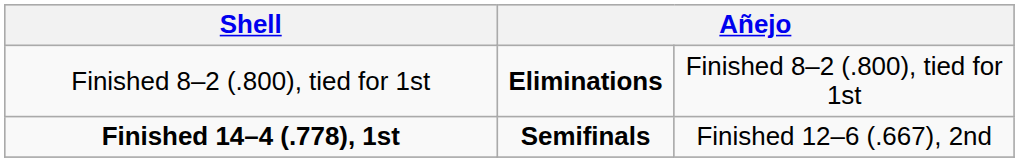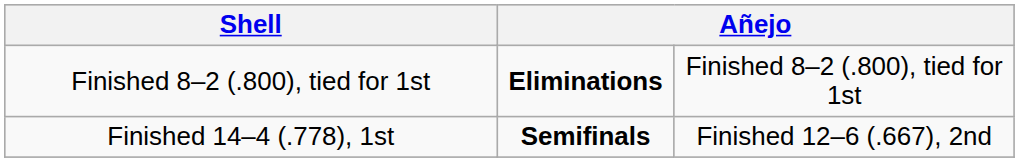 <table class="wikitable" style="width:100%;">
 <tr align=center>
 <th colspan="2" style="width:45%;"><a href='#'>Shell</a></th>
 <th colspan="2" style="width:45%;"><a href='#'>Añejo</a></th>
 </tr>
 <tr align=center>
 <td>Finished 8–2 (.800), tied for 1st</td>
 <td colspan=2><strong>Eliminations</strong></td>
 <td>Finished 8–2 (.800), tied for 1st</td>
 </tr>
 <tr align=center>
-<td><strong>Finished 14–4 (.778), 1st</strong></td>
+<td>Finished 14–4 (.778), 1st</td>
 <td colspan=2><strong>Semifinals</strong></td>
 <td>Finished 12–6 (.667), 2nd</td>
 </tr>
 </table>
